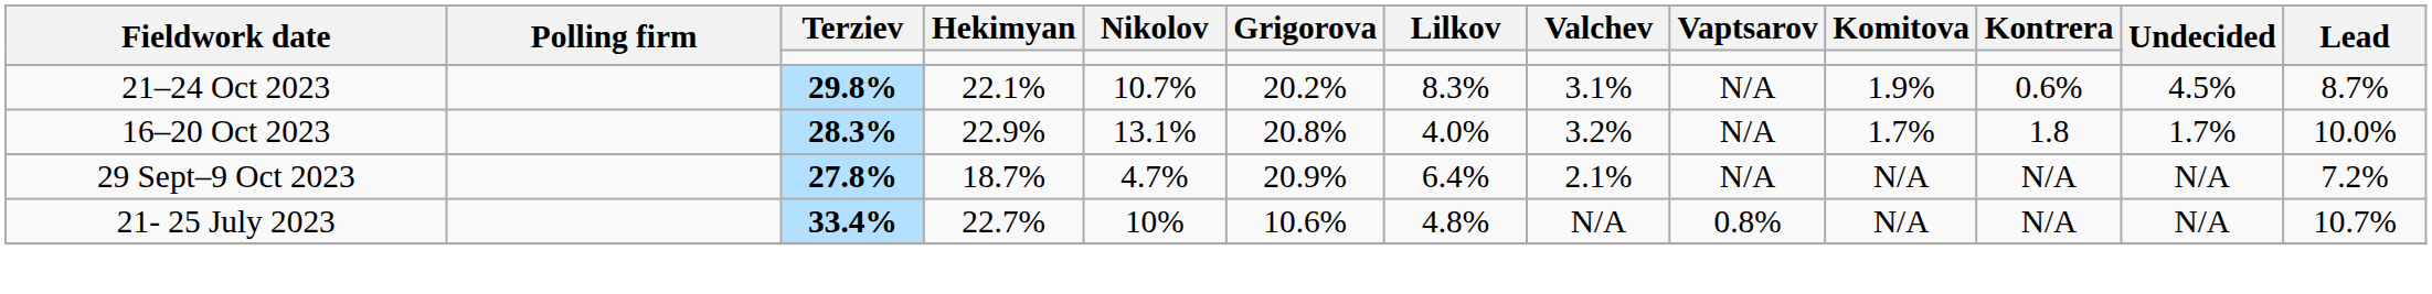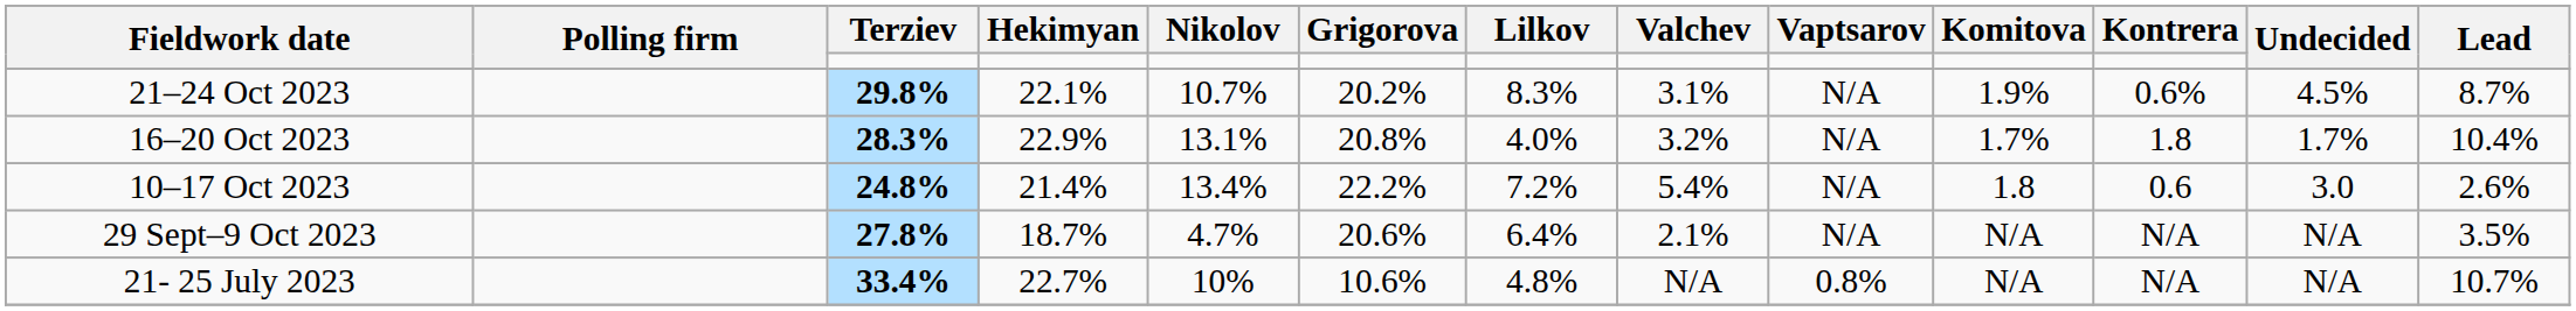 <table class=wikitable style="font-size:95%; line-height:14px; text-align:center">
 <tr>
 <th style=width:200px; rowspan=2>Fieldwork date</th>
 <th style=width:150px; rowspan=2>Polling firm</th>
 <th style="width:60px;">Terziev</th>
 <th style="width:60px;">Hekimyan</th>
 <th style="width:60px;">Nikolov</th>
 <th style="width:60px;">Grigorova</th>
 <th style="width:60px;">Lilkov</th>
 <th style="width:60px;">Valchev</th>
 <th style="width:60px;">Vaptsarov</th>
 <th style="width:60px;">Komitova</th>
 <th style="width:60px;">Kontrera</th>
 <th style="width:60px;" rowspan=2>Undecided</th>
 <th style="width:60px;" rowspan="2">Lead</th>
 </tr>
 <tr>
 <td bgcolor=></td>
 <td bgcolor=></td>
 <td bgcolor=></td>
 <td bgcolor=></td>
 <td bgcolor=></td>
 <td bgcolor=></td>
 <td bgcolor=></td>
 <td bgcolor=></td>
 <td bgcolor=></td>
 </tr>
 <tr>
 <td>21–24 Oct 2023</td>
 <td></td>
 <td style="background:#B3E0FF"><strong>29.8%</strong></td>
 <td>22.1%</td>
 <td>10.7%</td>
 <td>20.2%</td>
 <td>8.3%</td>
 <td>3.1%</td>
 <td>N/A</td>
 <td>1.9%</td>
 <td>0.6%</td>
 <td>4.5%</td>
 <td style="background:">8.7%</td>
 </tr>
 <tr>
 <td>16–20 Oct 2023</td>
 <td></td>
 <td style="background:#B3E0FF"><strong>28.3%</strong></td>
 <td>22.9%</td>
 <td>13.1%</td>
 <td>20.8%</td>
 <td>4.0%</td>
 <td>3.2%</td>
 <td>N/A</td>
 <td>1.7%</td>
 <td>1.8</td>
 <td>1.7%</td>
-<td style="background:">10.0%</td>
+<td style="background:">10.4%</td>
+</tr>
+<tr>
+<td>10–17 Oct 2023</td>
+<td></td>
+<td style="background:#B3E0FF"><strong>24.8%</strong></td>
+<td>21.4%</td>
+<td>13.4%</td>
+<td>22.2%</td>
+<td>7.2%</td>
+<td>5.4%</td>
+<td>N/A</td>
+<td>1.8</td>
+<td>0.6</td>
+<td>3.0</td>
+<td style="background:">2.6%</td>
 </tr>
 <tr>
 <td>29 Sept–9 Oct 2023</td>
 <td></td>
 <td style="background:#B3E0FF"><strong>27.8%</strong></td>
 <td>18.7%</td>
 <td>4.7%</td>
-<td>20.9%</td>
+<td>20.6%</td>
 <td>6.4%</td>
 <td>2.1%</td>
 <td>N/A</td>
 <td>N/A</td>
 <td>N/A</td>
 <td>N/A</td>
-<td style="background:">7.2%</td>
+<td style="background:">3.5%</td>
 </tr>
 <tr>
 <td>21- 25 July 2023</td>
 <td></td>
 <td style="background:#B3E0FF"><strong>33.4%</strong></td>
 <td>22.7%</td>
 <td>10%</td>
 <td>10.6%</td>
 <td>4.8%</td>
 <td>N/A</td>
 <td>0.8%</td>
 <td>N/A</td>
 <td>N/A</td>
 <td>N/A</td>
 <td style="background:">10.7%</td>
 </tr>
 <tr>
 </tr>
 </table>
